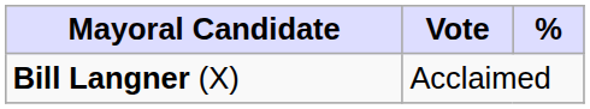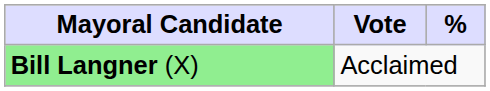 <table class="wikitable">
 <tr>
 <th style="background:#ddf; width:200px;">Mayoral Candidate</th>
 <th style="background:#ddf; width:50px;">Vote</th>
 <th style="background:#ddf; width:30px;">%</th>
 </tr>
 <tr>
-<td><strong>Bill Langner</strong> (X)</td>
+<td style="background: lightgreen;"><strong>Bill Langner</strong> (X)</td>
 <td colspan="2">Acclaimed</td>
 </tr>
 </table>
